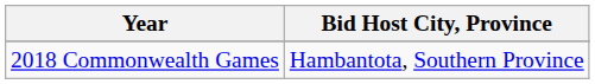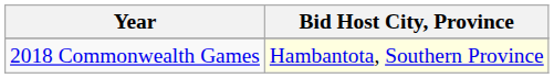 <table class="wikitable">
 <tr>
 <th>Year</th>
 <th>Bid Host City, Province</th>
 </tr>
 <tr>
 </tr>
 <tr>
 </tr>
 <tr>
 <td><a href='#'>2018 Commonwealth Games</a></td>
-<td><a href='#'>Hambantota</a>, <a href='#'>Southern Province</a></td>
+<td style="background: lightyellow;"><a href='#'>Hambantota</a>, <a href='#'>Southern Province</a></td>
 </tr>
 </table>
